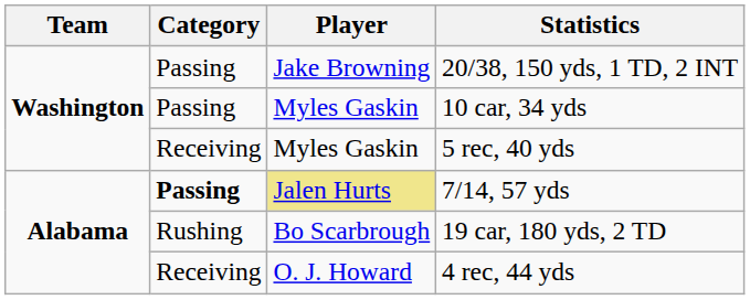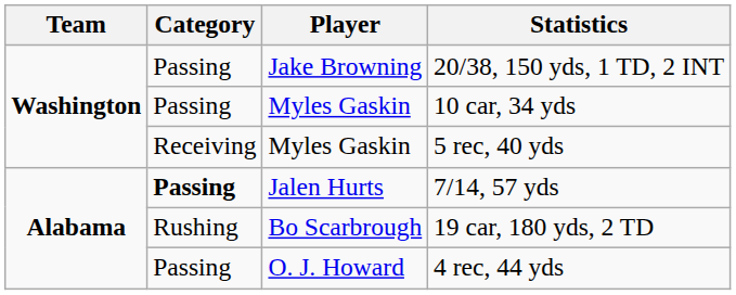 <table class="wikitable">
 <tr>
 <th>Team</th>
 <th>Category</th>
 <th>Player</th>
 <th>Statistics</th>
 </tr>
 <tr>
 <td rowspan=3 style="text-align:center; "><strong>Washington</strong></td>
 <td>Passing</td>
 <td><a href='#'>Jake Browning</a></td>
 <td>20/38, 150 yds, 1 TD, 2 INT</td>
 </tr>
 <tr>
 <td>Passing</td>
 <td><a href='#'>Myles Gaskin</a></td>
 <td>10 car, 34 yds</td>
 </tr>
 <tr>
 <td>Receiving</td>
 <td>Myles Gaskin</td>
 <td>5 rec, 40 yds</td>
 </tr>
 <tr>
 <td rowspan=3 style="text-align:center; "><strong>Alabama</strong></td>
 <td><strong>Passing</strong></td>
-<td style="background: khaki;"><a href='#'>Jalen Hurts</a></td>
+<td><a href='#'>Jalen Hurts</a></td>
 <td>7/14, 57 yds</td>
 </tr>
 <tr>
 <td>Rushing</td>
 <td><a href='#'>Bo Scarbrough</a></td>
 <td>19 car, 180 yds, 2 TD</td>
 </tr>
 <tr>
-<td>Receiving</td>
+<td>Passing</td>
 <td><a href='#'>O. J. Howard</a></td>
 <td>4 rec, 44 yds</td>
 </tr>
 </table>
